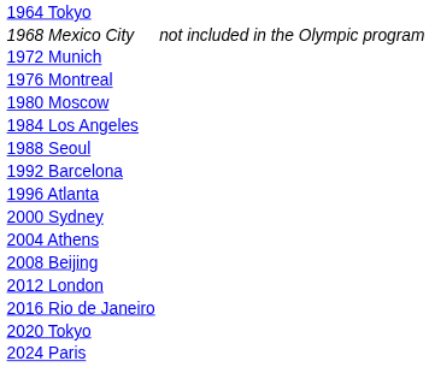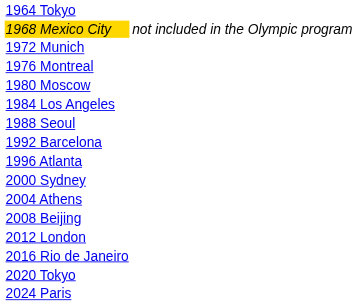 <table>
 <tr valign="top">
 <td rowspan=2><a href='#'>1964 Tokyo</a><br></td>
 <td rowspan=2></td>
 <td rowspan=2></td>
 <td></td>
 </tr>
 <tr>
 <td></td>
 </tr>
 <tr>
-<td><em>1968 Mexico City</em></td>
+<td style="background: gold;"><em>1968 Mexico City</em></td>
 <td colspan=3 align=center><em>not included in the Olympic program</em></td>
 </tr>
 <tr valign="top">
 <td rowspan=2><a href='#'>1972 Munich</a><br></td>
 <td rowspan=2></td>
 <td rowspan=2></td>
 <td></td>
 </tr>
 <tr>
 <td></td>
 </tr>
 <tr valign="top">
 <td rowspan=2><a href='#'>1976 Montreal</a><br></td>
 <td rowspan=2></td>
 <td rowspan=2></td>
 <td></td>
 </tr>
 <tr>
 <td></td>
 </tr>
 <tr valign="top">
 <td rowspan=2><a href='#'>1980 Moscow</a><br></td>
 <td rowspan=2></td>
 <td rowspan=2></td>
 <td></td>
 </tr>
 <tr>
 <td></td>
 </tr>
 <tr valign="top">
 <td rowspan=2><a href='#'>1984 Los Angeles</a><br></td>
 <td rowspan=2></td>
 <td rowspan=2></td>
 <td></td>
 </tr>
 <tr>
 <td></td>
 </tr>
 <tr valign="top">
 <td rowspan=2><a href='#'>1988 Seoul</a><br></td>
 <td rowspan=2></td>
 <td rowspan=2></td>
 <td></td>
 </tr>
 <tr>
 <td></td>
 </tr>
 <tr valign="top">
 <td rowspan=2><a href='#'>1992 Barcelona</a><br></td>
 <td rowspan=2></td>
 <td rowspan=2></td>
 <td></td>
 </tr>
 <tr>
 <td></td>
 </tr>
 <tr valign="top">
 <td rowspan=2><a href='#'>1996 Atlanta</a><br></td>
 <td rowspan=2></td>
 <td rowspan=2></td>
 <td></td>
 </tr>
 <tr>
 <td></td>
 </tr>
 <tr valign="top">
 <td rowspan=2><a href='#'>2000 Sydney</a><br></td>
 <td rowspan=2></td>
 <td rowspan=2></td>
 <td></td>
 </tr>
 <tr>
 <td></td>
 </tr>
 <tr valign="top">
 <td rowspan=2><a href='#'>2004 Athens</a><br></td>
 <td rowspan=2></td>
 <td rowspan=2></td>
 <td></td>
 </tr>
 <tr>
 <td></td>
 </tr>
 <tr valign="top">
 <td rowspan=2><a href='#'>2008 Beijing</a><br></td>
 <td rowspan=2></td>
 <td rowspan=2></td>
 <td></td>
 </tr>
 <tr>
 <td></td>
 </tr>
 <tr valign="top">
 <td rowspan=2><a href='#'>2012 London</a><br></td>
 <td rowspan=2></td>
 <td rowspan=2></td>
 <td></td>
 </tr>
 <tr>
 <td></td>
 </tr>
 <tr valign="top">
 <td rowspan=2><a href='#'>2016 Rio de Janeiro</a><br></td>
 <td rowspan=2></td>
 <td rowspan=2></td>
 <td></td>
 </tr>
 <tr>
 <td></td>
 </tr>
 <tr valign="top">
 <td rowspan=2><a href='#'>2020 Tokyo</a><br></td>
 <td rowspan=2></td>
 <td rowspan=2></td>
 <td></td>
 </tr>
 <tr>
 <td></td>
 </tr>
 <tr valign="top">
 <td rowspan=2><a href='#'>2024 Paris</a><br></td>
 <td rowspan=2></td>
 <td rowspan=2></td>
 <td></td>
 </tr>
 <tr>
 <td></td>
 </tr>
 <tr>
 </tr>
 </table>
